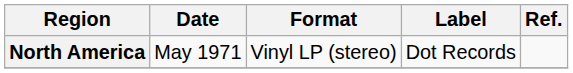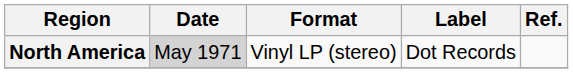 <table class="wikitable plainrowheaders">
 <tr>
 <th scope="col">Region</th>
 <th scope="col">Date</th>
 <th scope="col">Format</th>
 <th scope="col">Label</th>
 <th scope="col">Ref.</th>
 </tr>
 <tr>
 <th scope="row">North America</th>
-<td>May 1971</td>
+<td style="background: lightgrey;">May 1971</td>
 <td>Vinyl LP (stereo)</td>
 <td>Dot Records</td>
 <td></td>
 </tr>
 <tr>
 </tr>
 </table>
